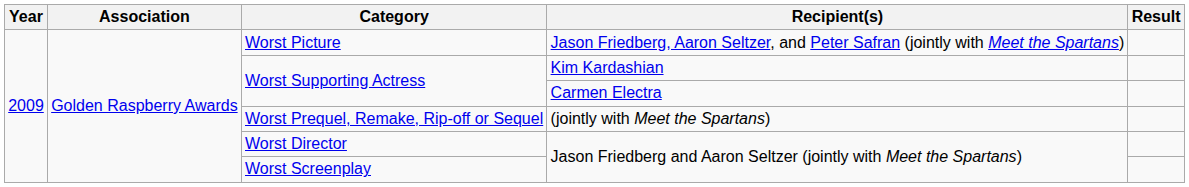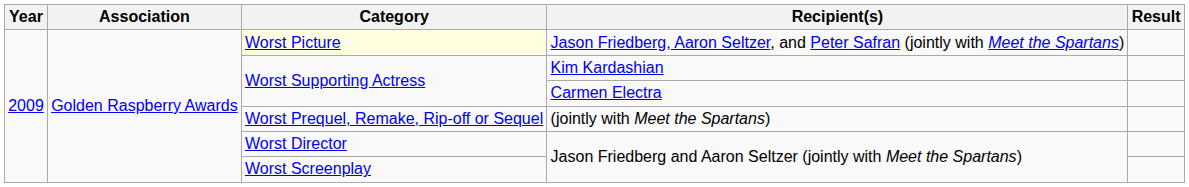 <table class="wikitable">
 <tr>
 <th>Year</th>
 <th>Association</th>
 <th>Category</th>
 <th>Recipient(s)</th>
 <th>Result</th>
 </tr>
 <tr>
 <td rowspan="6"><a href='#'>2009</a></td>
 <td rowspan="6"><a href='#'>Golden Raspberry Awards</a></td>
-<td><a href='#'>Worst Picture</a></td>
+<td style="background: lightyellow;"><a href='#'>Worst Picture</a></td>
 <td><a href='#'>Jason Friedberg, Aaron Seltzer</a>, and <a href='#'>Peter Safran</a> (jointly with <em><a href='#'>Meet the Spartans</a></em>)</td>
 <td></td>
 </tr>
 <tr>
 <td rowspan="2"><a href='#'>Worst Supporting Actress</a></td>
 <td><a href='#'>Kim Kardashian</a></td>
 <td></td>
 </tr>
 <tr>
 <td><a href='#'>Carmen Electra</a></td>
 <td></td>
 </tr>
 <tr>
 <td><a href='#'>Worst Prequel, Remake, Rip-off or Sequel</a></td>
 <td>(jointly with <em>Meet the Spartans</em>)</td>
 <td></td>
 </tr>
 <tr>
 <td><a href='#'>Worst Director</a></td>
 <td rowspan="2">Jason Friedberg and Aaron Seltzer (jointly with <em>Meet the Spartans</em>)</td>
 <td></td>
 </tr>
 <tr>
 <td><a href='#'>Worst Screenplay</a></td>
 <td></td>
 </tr>
 </table>
